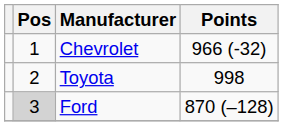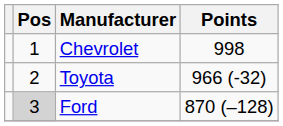 <table class="wikitable" style="font-size: 95%;">
 <tr>
 <th></th>
 <th>Pos</th>
 <th>Manufacturer</th>
 <th>Points</th>
 </tr>
 <tr>
 <td align="left"></td>
 <td style="text-align:center;">1</td>
 <td><a href='#'>Chevrolet</a></td>
-<td style="text-align:center;">966 (-32)</td>
+<td style="text-align:center;">998</td>
 </tr>
 <tr>
 <td align="left"></td>
 <td style="text-align:center;">2</td>
 <td><a href='#'>Toyota</a></td>
-<td style="text-align:center;">998</td>
+<td style="text-align:center;">966 (-32)</td>
 </tr>
 <tr>
 <td align="left"></td>
 <td style="background: lightgrey; text-align:center;">3</td>
 <td><a href='#'>Ford</a></td>
 <td style="text-align:center;">870 (–128)</td>
 </tr>
 <tr class="sortbottom">
 </tr>
 </table>
